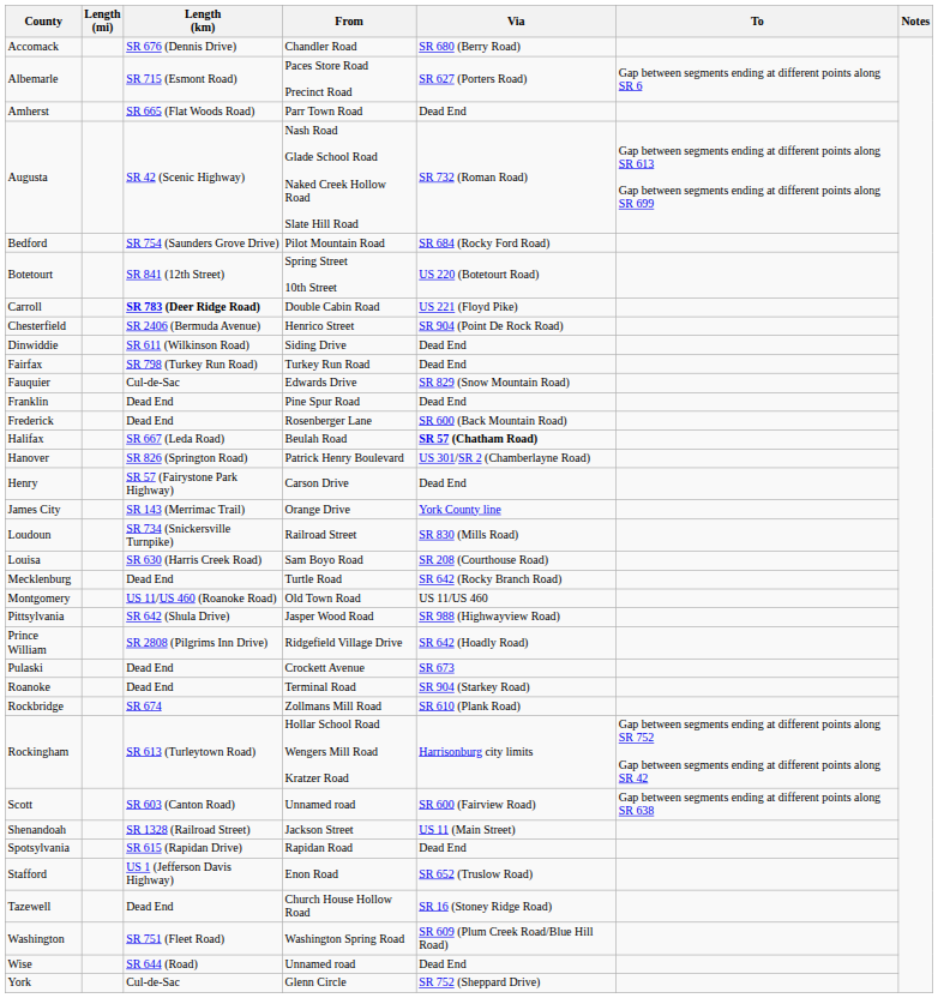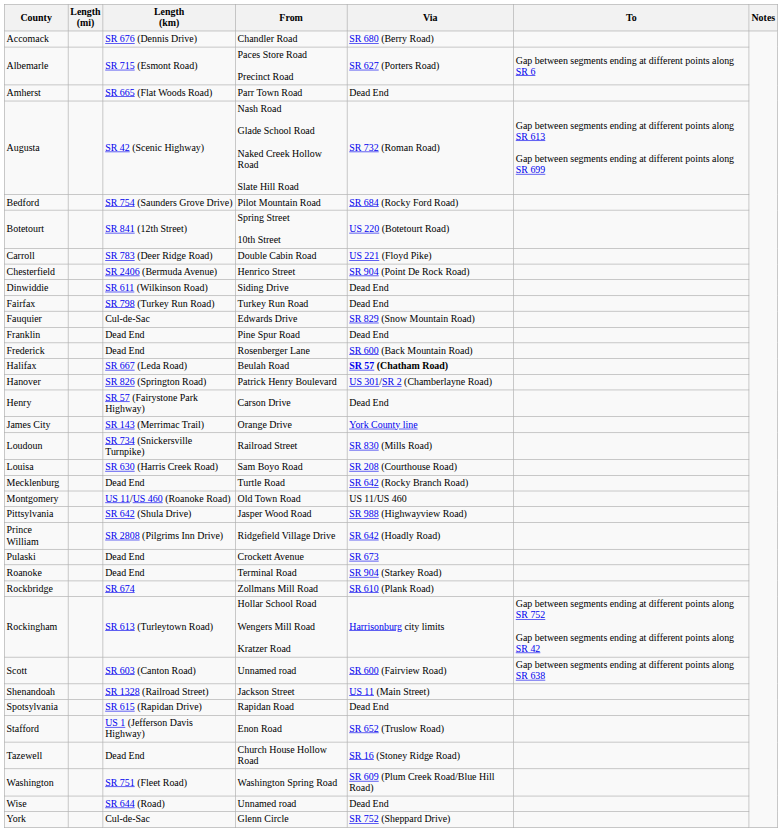 <table class="wikitable sortable">
 <tr>
 <th>County</th>
 <th>Length<br>(mi)</th>
 <th>Length<br>(km)</th>
 <th class="unsortable">From</th>
 <th class="unsortable">Via</th>
 <th class="unsortable">To</th>
 <th class="unsortable">Notes</th>
 </tr>
 <tr>
 <td id="Accomack">Accomack</td>
 <td></td>
 <td><a href='#'>SR 676</a> (Dennis Drive)</td>
 <td>Chandler Road</td>
 <td><a href='#'>SR 680</a> (Berry Road)</td>
 <td></td>
 </tr>
 <tr>
 <td id="Albemarle">Albemarle</td>
 <td></td>
 <td><a href='#'>SR 715</a> (Esmont Road)</td>
 <td>Paces Store Road<br><br>Precinct Road</td>
 <td><a href='#'>SR 627</a> (Porters Road)</td>
 <td>Gap between segments ending at different points along <a href='#'>SR 6</a><br> </td>
 </tr>
 <tr>
 <td id="Amherst">Amherst</td>
 <td></td>
 <td><a href='#'>SR 665</a> (Flat Woods Road)</td>
 <td>Parr Town Road</td>
 <td>Dead End</td>
 <td><br> </td>
 </tr>
 <tr>
 <td id="Augusta">Augusta</td>
 <td></td>
 <td><a href='#'>SR 42</a> (Scenic Highway)</td>
 <td>Nash Road<br><br>Glade School Road<br><br>Naked Creek Hollow Road<br><br>Slate Hill Road</td>
 <td><a href='#'>SR 732</a> (Roman Road)</td>
 <td>Gap between segments ending at different points along <a href='#'>SR 613</a><br><br>Gap between segments ending at different points along <a href='#'>SR 699</a><br></td>
 </tr>
 <tr>
 <td id="Bedford">Bedford</td>
 <td></td>
 <td><a href='#'>SR 754</a> (Saunders Grove Drive)</td>
 <td>Pilot Mountain Road</td>
 <td><a href='#'>SR 684</a> (Rocky Ford Road)</td>
 <td><br></td>
 </tr>
 <tr>
 <td id="Botetourt">Botetourt</td>
 <td></td>
 <td><a href='#'>SR 841</a> (12th Street)</td>
 <td>Spring Street<br><br>10th Street</td>
 <td><a href='#'>US 220</a> (Botetourt Road)</td>
 <td><br>    </td>
 </tr>
 <tr>
 <td id="Carroll">Carroll</td>
 <td></td>
-<td><strong><a href='#'>SR 783</a> (Deer Ridge Road)</strong></td>
+<td><a href='#'>SR 783</a> (Deer Ridge Road)</td>
 <td>Double Cabin Road</td>
 <td><a href='#'>US 221</a> (Floyd Pike)</td>
 <td><br> </td>
 </tr>
 <tr>
 <td id="Chesterfield">Chesterfield</td>
 <td></td>
 <td><a href='#'>SR 2406</a> (Bermuda Avenue)</td>
 <td>Henrico Street</td>
 <td><a href='#'>SR 904</a> (Point De Rock Road)</td>
 <td><br>    </td>
 </tr>
 <tr>
 <td id="Dinwiddie">Dinwiddie</td>
 <td></td>
 <td><a href='#'>SR 611</a> (Wilkinson Road)</td>
 <td>Siding Drive</td>
 <td>Dead End</td>
 <td><br></td>
 </tr>
 <tr>
 <td id="Fairfax">Fairfax</td>
 <td></td>
 <td><a href='#'>SR 798</a> (Turkey Run Road)</td>
 <td>Turkey Run Road</td>
 <td>Dead End</td>
 <td></td>
 </tr>
 <tr>
 <td id="Fauquier">Fauquier</td>
 <td></td>
 <td>Cul-de-Sac</td>
 <td>Edwards Drive</td>
 <td><a href='#'>SR 829</a> (Snow Mountain Road)</td>
 <td><br> </td>
 </tr>
 <tr>
 <td id="Franklin">Franklin</td>
 <td></td>
 <td>Dead End</td>
 <td>Pine Spur Road</td>
 <td>Dead End</td>
 <td></td>
 </tr>
 <tr>
 <td id="Frederick">Frederick</td>
 <td></td>
 <td>Dead End</td>
 <td>Rosenberger Lane</td>
 <td><a href='#'>SR 600</a> (Back Mountain Road)</td>
 <td><br>     </td>
 </tr>
 <tr>
 <td id="Halifax">Halifax</td>
 <td></td>
 <td><a href='#'>SR 667</a> (Leda Road)</td>
 <td>Beulah Road</td>
 <td><strong><a href='#'>SR 57</a> (Chatham Road)</strong></td>
 <td></td>
 </tr>
 <tr>
 <td id="Hanover">Hanover</td>
 <td></td>
 <td><a href='#'>SR 826</a> (Springton Road)</td>
 <td>Patrick Henry Boulevard</td>
 <td><a href='#'>US 301</a>/<a href='#'>SR 2</a> (Chamberlayne Road)</td>
 <td><br></td>
 </tr>
 <tr>
 <td id="Henry">Henry</td>
 <td></td>
 <td><a href='#'>SR 57</a> (Fairystone Park Highway)</td>
 <td>Carson Drive</td>
 <td>Dead End</td>
 <td><br> </td>
 </tr>
 <tr>
 <td id="James City">James City</td>
 <td></td>
 <td><a href='#'>SR 143</a> (Merrimac Trail)</td>
 <td>Orange Drive</td>
 <td><a href='#'>York County line</a></td>
 <td><br>    </td>
 </tr>
 <tr>
 <td id="Loudoun">Loudoun</td>
 <td></td>
 <td><a href='#'>SR 734</a> (Snickersville Turnpike)</td>
 <td>Railroad Street</td>
 <td><a href='#'>SR 830</a> (Mills Road)</td>
 <td></td>
 </tr>
 <tr>
 <td id="Louisa">Louisa</td>
 <td></td>
 <td><a href='#'>SR 630</a> (Harris Creek Road)</td>
 <td>Sam Boyo Road</td>
 <td><a href='#'>SR 208</a> (Courthouse Road)</td>
 <td><br>  </td>
 </tr>
 <tr>
 <td id="Mecklenburg">Mecklenburg</td>
 <td></td>
 <td>Dead End</td>
 <td>Turtle Road</td>
 <td><a href='#'>SR 642</a> (Rocky Branch Road)</td>
 <td><br></td>
 </tr>
 <tr>
 <td id="Montgomery">Montgomery</td>
 <td></td>
 <td><a href='#'>US 11</a>/<a href='#'>US 460</a> (Roanoke Road)</td>
 <td>Old Town Road</td>
 <td>US 11/US 460</td>
 <td><br>       </td>
 </tr>
 <tr>
 <td id="Pittsylvania">Pittsylvania</td>
 <td></td>
 <td><a href='#'>SR 642</a> (Shula Drive)</td>
 <td>Jasper Wood Road</td>
 <td><a href='#'>SR 988</a> (Highwayview Road)</td>
 <td><br>  </td>
 </tr>
 <tr>
 <td id="Prince William">Prince William</td>
 <td></td>
 <td><a href='#'>SR 2808</a> (Pilgrims Inn Drive)</td>
 <td>Ridgefield Village Drive</td>
 <td><a href='#'>SR 642</a> (Hoadly Road)</td>
 <td></td>
 </tr>
 <tr>
 <td id="Pulaski">Pulaski</td>
 <td></td>
 <td>Dead End</td>
 <td>Crockett Avenue</td>
 <td><a href='#'>SR 673</a></td>
 <td><br> </td>
 </tr>
 <tr>
 <td id="Roanoke">Roanoke</td>
 <td></td>
 <td>Dead End</td>
 <td>Terminal Road</td>
 <td><a href='#'>SR 904</a> (Starkey Road)</td>
 <td></td>
 </tr>
 <tr>
 <td id="Rockbridge">Rockbridge</td>
 <td></td>
 <td><a href='#'>SR 674</a></td>
 <td>Zollmans Mill Road</td>
 <td><a href='#'>SR 610</a> (Plank Road)</td>
 <td></td>
 </tr>
 <tr>
 <td id="Rockingham">Rockingham</td>
 <td></td>
 <td><a href='#'>SR 613</a> (Turleytown Road)</td>
 <td>Hollar School Road<br><br>Wengers Mill Road<br><br>Kratzer Road</td>
 <td><a href='#'>Harrisonburg</a> city limits</td>
 <td>Gap between segments ending at different points along <a href='#'>SR 752</a><br><br>Gap between segments ending at different points along <a href='#'>SR 42</a><br></td>
 </tr>
 <tr>
 <td id="Scott">Scott</td>
 <td></td>
 <td><a href='#'>SR 603</a> (Canton Road)</td>
 <td>Unnamed road</td>
 <td><a href='#'>SR 600</a> (Fairview Road)</td>
 <td>Gap between segments ending at different points along <a href='#'>SR 638</a></td>
 </tr>
 <tr>
 <td id="Shenandoah">Shenandoah</td>
 <td></td>
 <td><a href='#'>SR 1328</a> (Railroad Street)</td>
 <td>Jackson Street</td>
 <td><a href='#'>US 11</a> (Main Street)</td>
 <td><br> </td>
 </tr>
 <tr>
 <td id="Spotsylvania">Spotsylvania</td>
 <td></td>
 <td><a href='#'>SR 615</a> (Rapidan Drive)</td>
 <td>Rapidan Road</td>
 <td>Dead End</td>
 <td></td>
 </tr>
 <tr>
 <td id="Stafford">Stafford</td>
 <td></td>
 <td><a href='#'>US 1</a> (Jefferson Davis Highway)</td>
 <td>Enon Road</td>
 <td><a href='#'>SR 652</a> (Truslow Road)</td>
 <td><br> </td>
 </tr>
 <tr>
 <td id="Tazewell">Tazewell</td>
 <td></td>
 <td>Dead End</td>
 <td>Church House Hollow Road</td>
 <td><a href='#'>SR 16</a> (Stoney Ridge Road)</td>
 <td><br></td>
 </tr>
 <tr>
 <td id="Washington">Washington</td>
 <td></td>
 <td><a href='#'>SR 751</a> (Fleet Road)</td>
 <td>Washington Spring Road</td>
 <td><a href='#'>SR 609</a> (Plum Creek Road/Blue Hill Road)</td>
 <td><br></td>
 </tr>
 <tr>
 <td id="Wise">Wise</td>
 <td></td>
 <td><a href='#'>SR 644</a> (Road)</td>
 <td>Unnamed road</td>
 <td>Dead End</td>
 <td><br></td>
 </tr>
 <tr>
 <td id="York">York</td>
 <td></td>
 <td>Cul-de-Sac</td>
 <td>Glenn Circle</td>
 <td><a href='#'>SR 752</a> (Sheppard Drive)</td>
 <td></td>
 </tr>
 </table>
